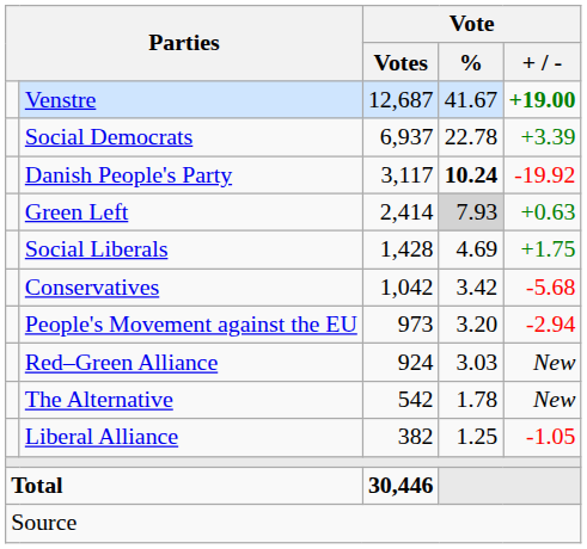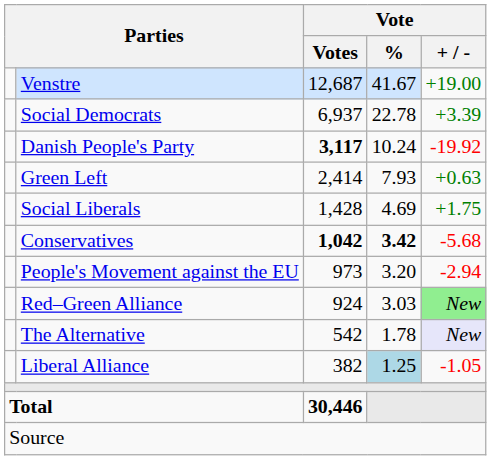 <table class="wikitable" style="text-align:right;">
 <tr>
 <th style="text-align:centre;" rowspan="2" colspan="2" width="225">Parties</th>
 <th colspan="3">Vote</th>
 </tr>
 <tr>
 <th width="15">Votes</th>
 <th width="15">%</th>
 <th width="15">+ / -</th>
 </tr>
 <tr>
 <td width="2" style="color:inherit;background:"></td>
 <td bgcolor=#cfe5fe   align="left"><a href='#'>Venstre</a></td>
 <td bgcolor=#cfe5fe>12,687</td>
 <td bgcolor=#cfe5fe>41.67</td>
-<td style=color:green;><strong>+19.00</strong></td>
+<td style=color:green;>+19.00</td>
 </tr>
 <tr>
 <td width="2" style="color:inherit;background:"></td>
 <td align="left"><a href='#'>Social Democrats</a></td>
 <td>6,937</td>
 <td>22.78</td>
 <td style=color:green;>+3.39</td>
 </tr>
 <tr>
 <td width="2" style="color:inherit;background:"></td>
 <td align="left"><a href='#'>Danish People's Party</a></td>
-<td>3,117</td>
-<td><strong>10.24</strong></td>
+<td><strong>3,117</strong></td>
+<td>10.24</td>
 <td style=color:red;>-19.92</td>
 </tr>
 <tr>
 <td width="2" style="color:inherit;background:"></td>
 <td align="left"><a href='#'>Green Left</a></td>
 <td>2,414</td>
-<td style="background: lightgrey;">7.93</td>
+<td>7.93</td>
 <td style=color:green;>+0.63</td>
 </tr>
 <tr>
 <td width="2" style="color:inherit;background:"></td>
 <td align="left"><a href='#'>Social Liberals</a></td>
 <td>1,428</td>
 <td>4.69</td>
 <td style=color:green;>+1.75</td>
 </tr>
 <tr>
 <td width="2" style="color:inherit;background:"></td>
 <td align="left"><a href='#'>Conservatives</a></td>
-<td>1,042</td>
-<td>3.42</td>
+<td><strong>1,042</strong></td>
+<td><strong>3.42</strong></td>
 <td style=color:red;>-5.68</td>
 </tr>
 <tr>
 <td width="2" style="color:inherit;background:"></td>
 <td align="left"><a href='#'>People's Movement against the EU</a></td>
 <td>973</td>
 <td>3.20</td>
 <td style=color:red;>-2.94</td>
 </tr>
 <tr>
 <td width="2" style="color:inherit;background:"></td>
 <td align="left"><a href='#'>Red–Green Alliance</a></td>
 <td>924</td>
 <td>3.03</td>
-<td><em>New</em></td>
+<td style="background: lightgreen;"><em>New</em></td>
 </tr>
 <tr>
 <td width="2" style="color:inherit;background:"></td>
 <td align="left"><a href='#'>The Alternative</a></td>
 <td>542</td>
 <td>1.78</td>
-<td><em>New</em></td>
+<td style="background: lavender;"><em>New</em></td>
 </tr>
 <tr>
 <td width="2" style="color:inherit;background:"></td>
 <td align="left"><a href='#'>Liberal Alliance</a></td>
 <td>382</td>
-<td>1.25</td>
+<td style="background: lightblue;">1.25</td>
 <td style=color:red;>-1.05</td>
 </tr>
 <tr>
 <td colspan="7" bgcolor="#E9E9E9"></td>
 </tr>
 <tr>
 <td align="left" colspan="2"><strong>Total</strong></td>
 <td><strong>30,446</strong></td>
 <td bgcolor="#E9E9E9" colspan="2"></td>
 </tr>
 <tr>
 <td align="left" colspan="6">Source</td>
 </tr>
 </table>
